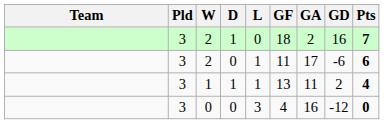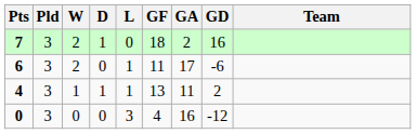 <table class="wikitable" style="text-align: center;">
 <tr>
-<th width="175">Team</th>
+<th width="20">Pts</th>
 <th width="20">Pld</th>
 <th width="20">W</th>
 <th width="20">D</th>
 <th width="20">L</th>
 <th width="20">GF</th>
 <th width="20">GA</th>
 <th width="20">GD</th>
-<th width="20">Pts</th>
+<th width="175">Team</th>
 </tr>
 <tr bgcolor="#ccffcc">
-<td style="text-align:left;"></td>
+<td><strong>7</strong></td>
 <td>3</td>
 <td>2</td>
 <td>1</td>
 <td>0</td>
 <td>18</td>
 <td>2</td>
 <td>16</td>
-<td><strong>7</strong></td>
+<td style="text-align:left;"></td>
 </tr>
 <tr align=center>
-<td style="text-align:left;"></td>
+<td><strong>6</strong></td>
 <td>3</td>
 <td>2</td>
 <td>0</td>
 <td>1</td>
 <td>11</td>
 <td>17</td>
 <td>-6</td>
-<td><strong>6</strong></td>
+<td style="text-align:left;"></td>
 </tr>
 <tr align=center>
-<td style="text-align:left;"></td>
+<td><strong>4</strong></td>
 <td>3</td>
 <td>1</td>
 <td>1</td>
 <td>1</td>
 <td>13</td>
 <td>11</td>
 <td>2</td>
-<td><strong>4</strong></td>
+<td style="text-align:left;"></td>
 </tr>
 <tr align=center>
-<td style="text-align:left;"></td>
+<td><strong>0</strong></td>
 <td>3</td>
 <td>0</td>
 <td>0</td>
 <td>3</td>
 <td>4</td>
 <td>16</td>
 <td>-12</td>
-<td><strong>0</strong></td>
+<td style="text-align:left;"></td>
 </tr>
 </table>
